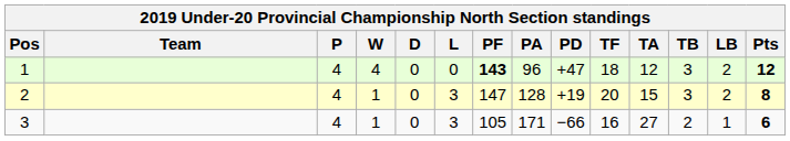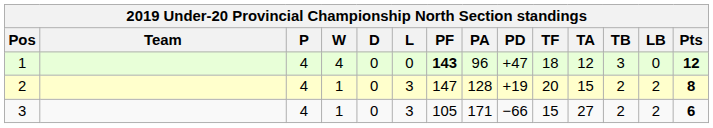 <table class="wikitable" style="text-align:center; font-size:100%; width:60%;">
 <tr>
 <th colspan="100%" cellpadding="0" cellspacing="0"><strong>2019 Under-20 Provincial Championship North Section standings</strong></th>
 </tr>
 <tr>
 <th style="width:5%;">Pos</th>
 <th style="width:35%;">Team</th>
 <th style="width:5%;">P</th>
 <th style="width:5%;">W</th>
 <th style="width:5%;">D</th>
 <th style="width:5%;">L</th>
 <th style="width:5%;">PF</th>
 <th style="width:5%;">PA</th>
 <th style="width:5%;">PD</th>
 <th style="width:5%;">TF</th>
 <th style="width:5%;">TA</th>
 <th style="width:5%;">TB</th>
 <th style="width:5%;">LB</th>
 <th style="width:5%;">Pts<br></th>
 </tr>
 <tr style="background:#E8FFD8;">
 <td>1</td>
 <td style="text-align:left;"></td>
 <td>4</td>
 <td>4</td>
 <td>0</td>
 <td>0</td>
 <td><strong>143</strong></td>
 <td>96</td>
 <td>+47</td>
 <td>18</td>
 <td>12</td>
 <td>3</td>
-<td>2</td>
+<td>0</td>
 <td><strong>12</strong></td>
 </tr>
 <tr style="background:#FFFFCC;">
 <td>2</td>
 <td style="text-align:left;"></td>
 <td>4</td>
 <td>1</td>
 <td>0</td>
 <td>3</td>
 <td>147</td>
 <td>128</td>
 <td>+19</td>
 <td>20</td>
 <td>15</td>
-<td>3</td>
+<td>2</td>
 <td>2</td>
 <td><strong>8</strong></td>
 </tr>
 <tr>
 <td>3</td>
 <td style="text-align:left;"></td>
 <td>4</td>
 <td>1</td>
 <td>0</td>
 <td>3</td>
 <td>105</td>
 <td>171</td>
 <td>−66</td>
-<td>16</td>
+<td>15</td>
 <td>27</td>
 <td>2</td>
-<td>1</td>
+<td>2</td>
 <td><strong>6</strong></td>
 </tr>
 </table>
